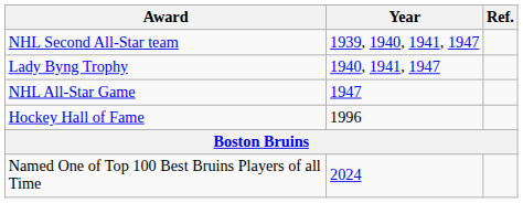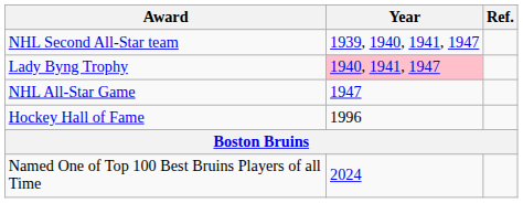 <table class="wikitable">
 <tr>
 <th scope="col" style="width:20em">Award</th>
 <th scope="col">Year</th>
 <th scope="col">Ref.</th>
 </tr>
 <tr>
 <td><a href='#'>NHL Second All-Star team</a></td>
 <td><a href='#'>1939</a>, <a href='#'>1940</a>, <a href='#'>1941</a>, <a href='#'>1947</a></td>
 <td></td>
 </tr>
 <tr>
 <td><a href='#'>Lady Byng Trophy</a></td>
-<td><a href='#'>1940</a>, <a href='#'>1941</a>, <a href='#'>1947</a></td>
+<td style="background: pink;"><a href='#'>1940</a>, <a href='#'>1941</a>, <a href='#'>1947</a></td>
 <td></td>
 </tr>
 <tr>
 <td><a href='#'>NHL All-Star Game</a></td>
 <td><a href='#'>1947</a></td>
 <td></td>
 </tr>
 <tr>
 <td><a href='#'>Hockey Hall of Fame</a></td>
 <td>1996</td>
 <td></td>
 </tr>
 <tr>
 <th colspan="3"><a href='#'>Boston Bruins</a></th>
 </tr>
 <tr>
 <td>Named One of Top 100 Best Bruins Players of all Time</td>
 <td><a href='#'>2024</a></td>
 <td></td>
 </tr>
 </table>
